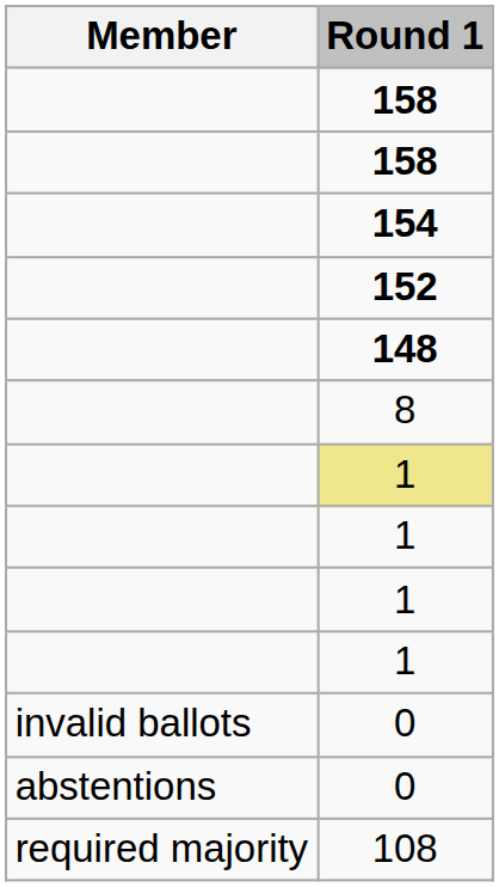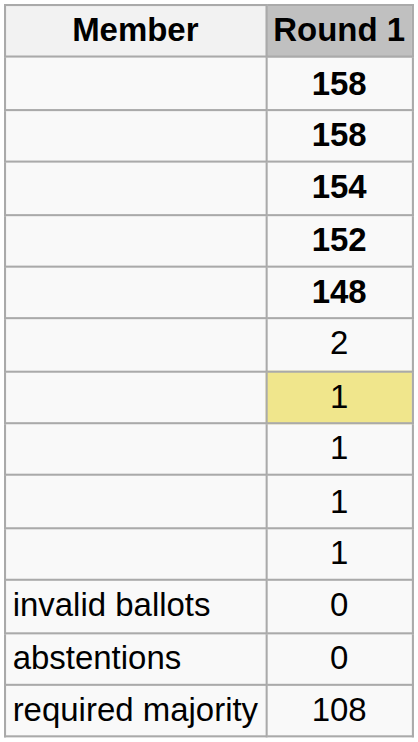 <table class="wikitable collapsible">
 <tr>
 <th>Member</th>
 <td style="background:silver;"><strong>Round 1</strong></td>
 </tr>
 <tr>
 <td></td>
 <td style="text-align:center;"><strong>158</strong></td>
 </tr>
 <tr>
 <td></td>
 <td style="text-align:center;"><strong>158</strong></td>
 </tr>
 <tr>
 <td></td>
 <td style="text-align:center;"><strong>154</strong></td>
 </tr>
 <tr>
 <td></td>
 <td style="text-align:center;"><strong>152</strong></td>
 </tr>
 <tr>
 <td></td>
 <td style="text-align:center;"><strong>148</strong></td>
 </tr>
 <tr>
 <td></td>
-<td style="text-align:center;">8</td>
+<td style="text-align:center;">2</td>
 </tr>
 <tr>
 <td></td>
 <td style="background: khaki; text-align:center;">1</td>
 </tr>
 <tr>
 <td></td>
 <td style="text-align:center;">1</td>
 </tr>
 <tr>
 <td></td>
 <td style="text-align:center;">1</td>
 </tr>
 <tr>
 <td></td>
 <td style="text-align:center;">1</td>
 </tr>
 <tr>
 <td>invalid ballots</td>
 <td style="text-align:center;">0</td>
 </tr>
 <tr>
 <td>abstentions</td>
 <td style="text-align:center;">0</td>
 </tr>
 <tr>
 <td>required majority</td>
 <td style="text-align:center;">108</td>
 </tr>
 </table>
